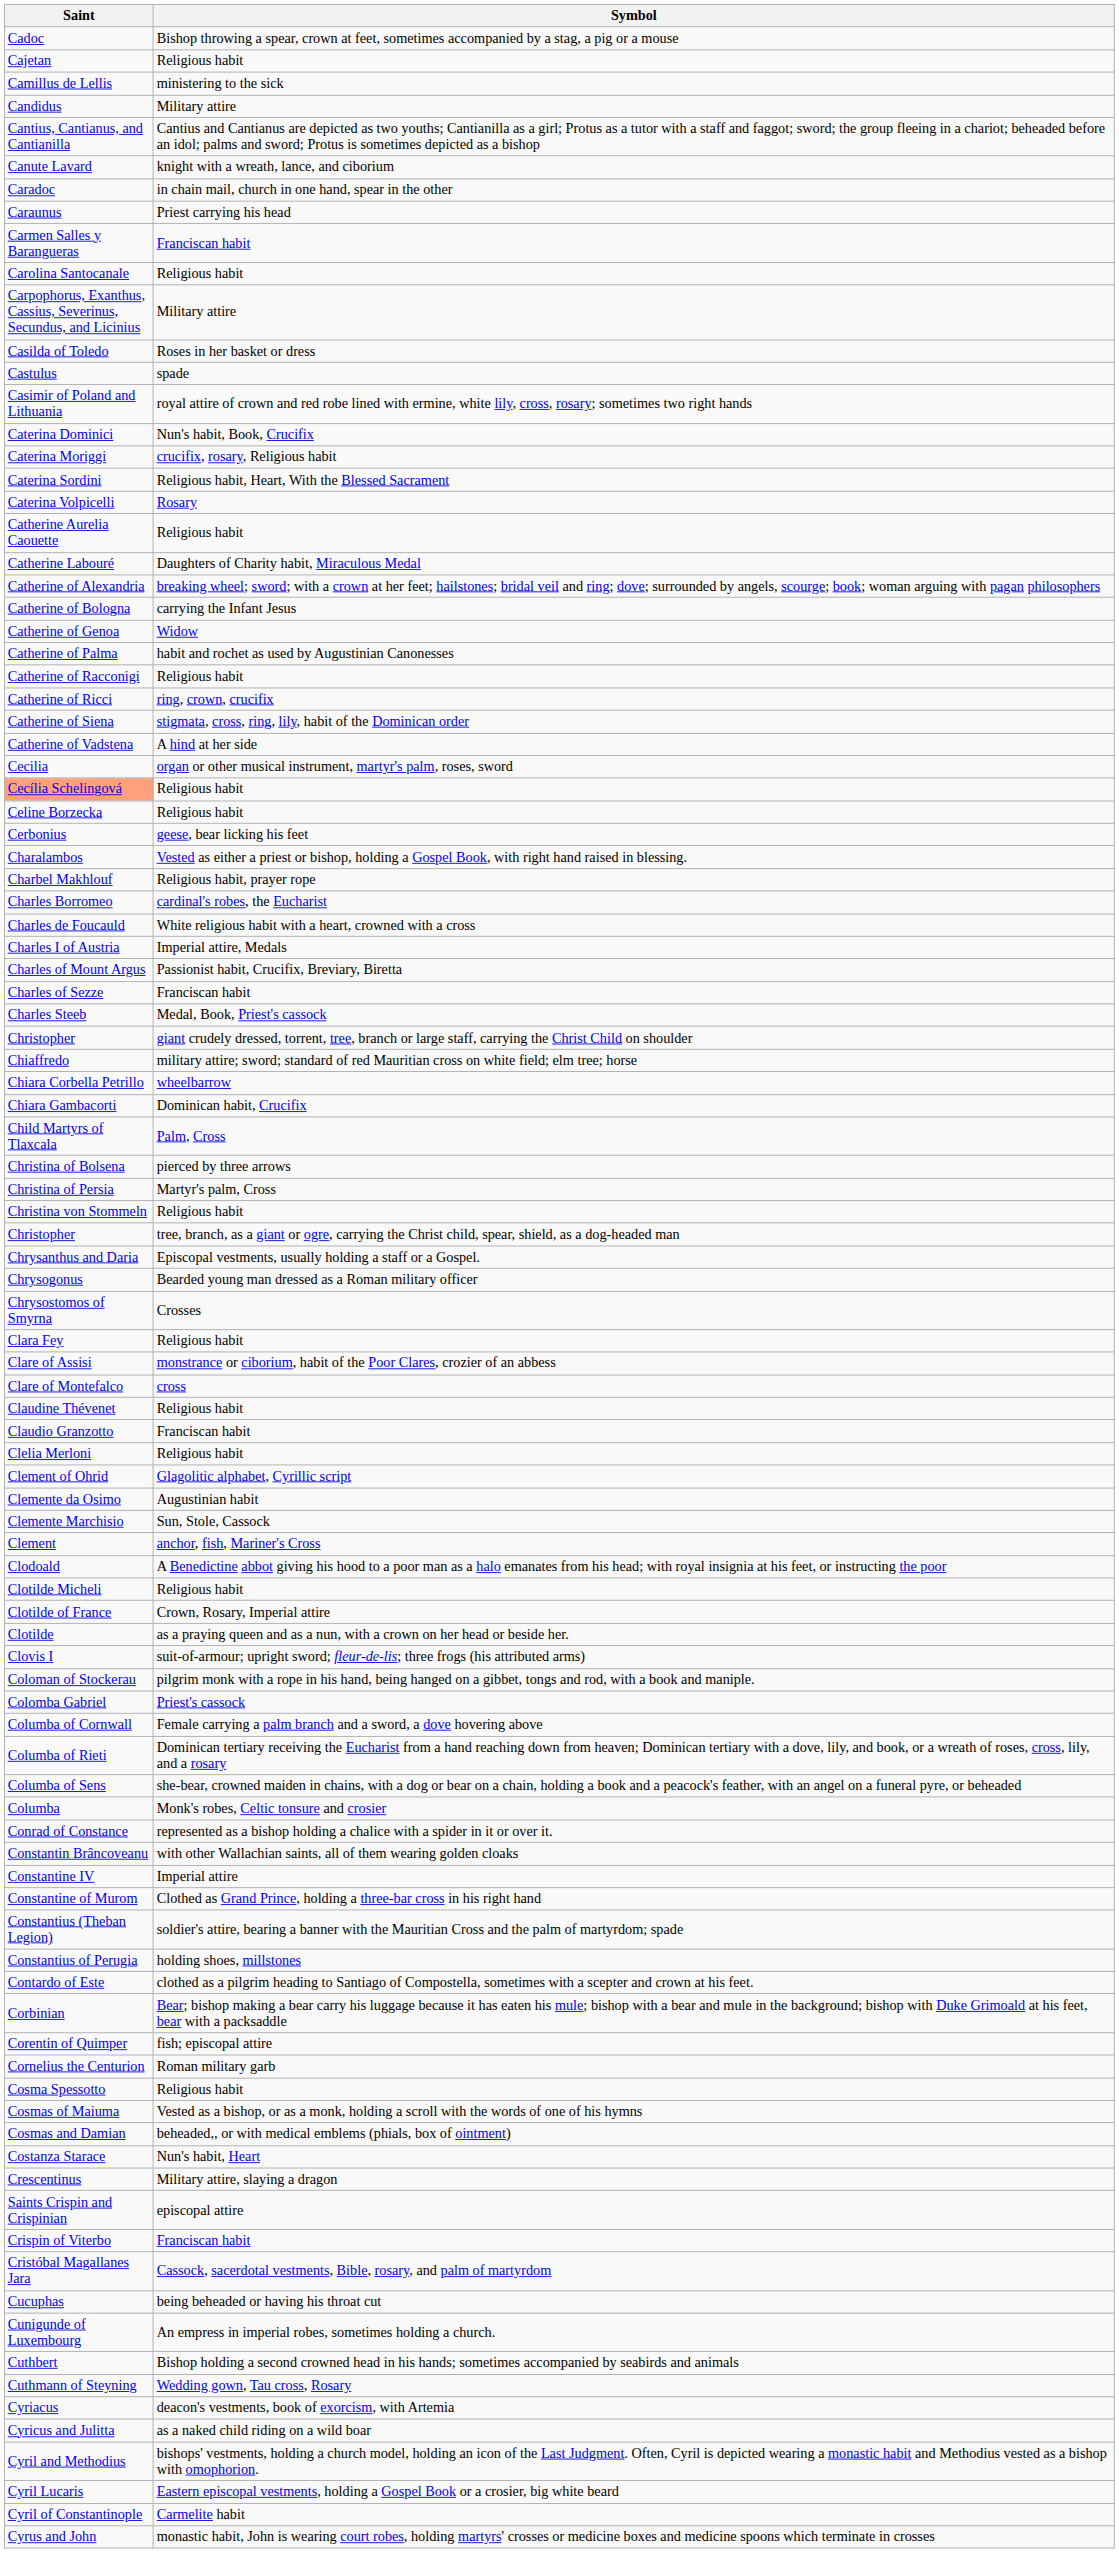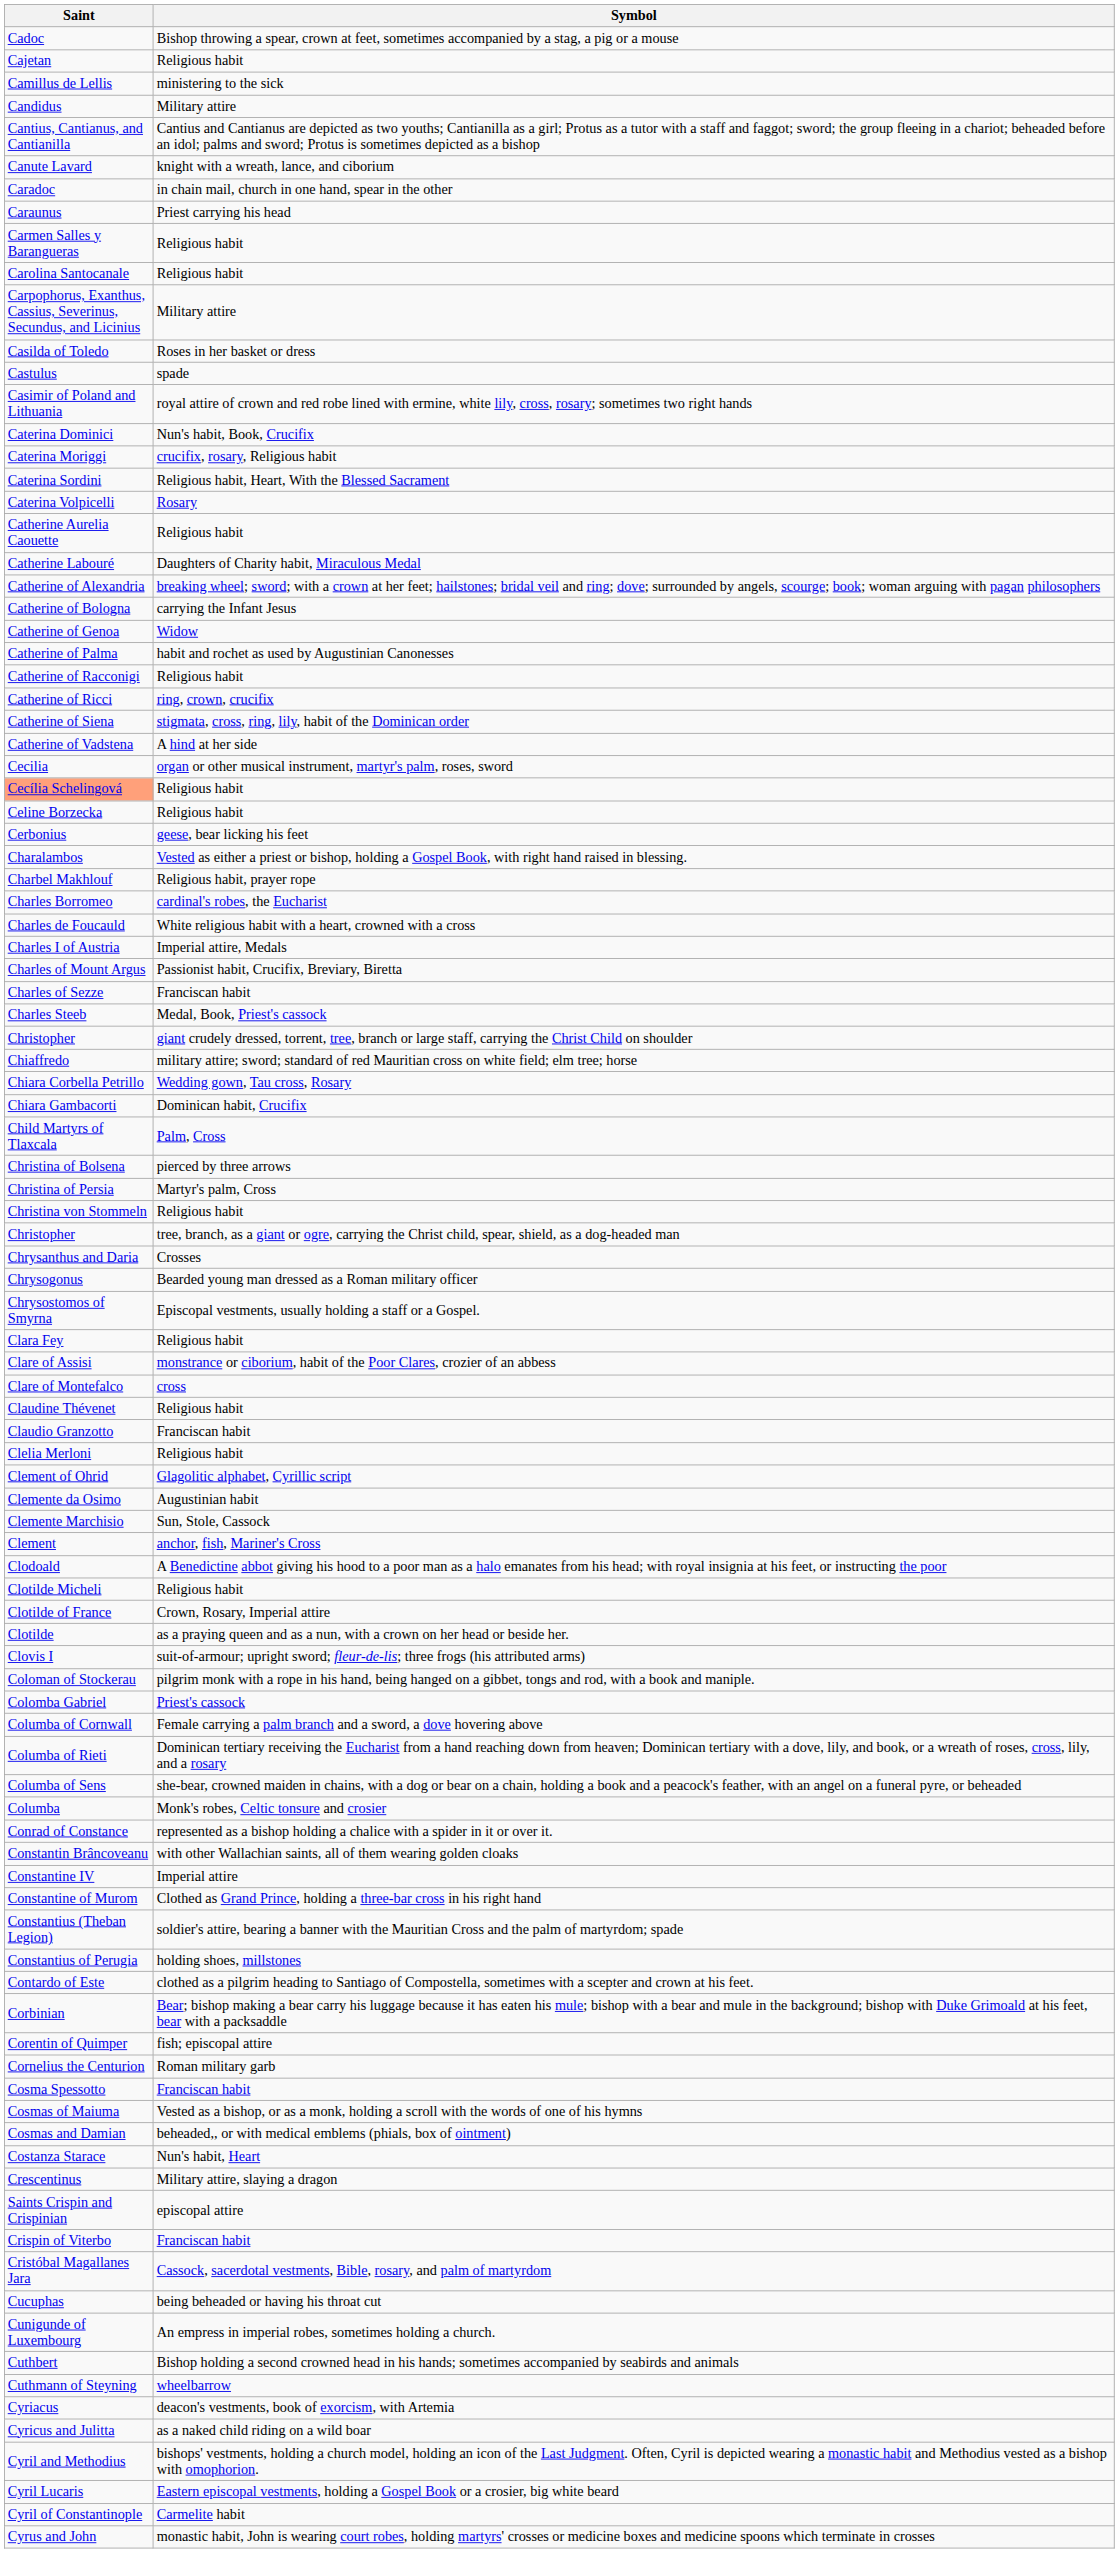 <table class="wikitable">
 <tr>
 <th scope="col" style="width: 10em;">Saint</th>
 <th scope="col">Symbol</th>
 </tr>
 <tr>
 <td><a href='#'>Cadoc</a></td>
 <td>Bishop throwing a spear, crown at feet, sometimes accompanied by a stag, a pig or a mouse</td>
 </tr>
 <tr>
 <td><a href='#'>Cajetan</a></td>
 <td>Religious habit</td>
 </tr>
 <tr>
 <td><a href='#'>Camillus de Lellis</a></td>
 <td>ministering to the sick</td>
 </tr>
 <tr>
 <td><a href='#'>Candidus</a></td>
 <td>Military attire</td>
 </tr>
 <tr>
 <td><a href='#'>Cantius, Cantianus, and Cantianilla</a></td>
 <td>Cantius and Cantianus are depicted as two youths; Cantianilla as a girl; Protus as a tutor with a staff and faggot; sword; the group fleeing in a chariot; beheaded before an idol; palms and sword; Protus is sometimes depicted as a bishop</td>
 </tr>
 <tr>
 <td><a href='#'>Canute Lavard</a></td>
 <td>knight with a wreath, lance, and ciborium</td>
 </tr>
 <tr>
 <td><a href='#'>Caradoc</a></td>
 <td>in chain mail, church in one hand, spear in the other</td>
 </tr>
 <tr>
 <td><a href='#'>Caraunus</a></td>
 <td>Priest carrying his head</td>
 </tr>
 <tr>
 <td><a href='#'>Carmen Salles y Barangueras</a></td>
-<td><a href='#'>Franciscan habit</a></td>
+<td>Religious habit</td>
 </tr>
 <tr>
 <td><a href='#'>Carolina Santocanale</a></td>
 <td>Religious habit</td>
 </tr>
 <tr>
 <td><a href='#'>Carpophorus, Exanthus, Cassius, Severinus, Secundus, and Licinius</a></td>
 <td>Military attire</td>
 </tr>
 <tr>
 <td><a href='#'>Casilda of Toledo</a></td>
 <td>Roses in her basket or dress</td>
 </tr>
 <tr>
 <td><a href='#'>Castulus</a></td>
 <td>spade</td>
 </tr>
 <tr>
 <td><a href='#'>Casimir of Poland and Lithuania</a></td>
 <td>royal attire of crown and red robe lined with ermine, white <a href='#'>lily</a>, <a href='#'>cross</a>, <a href='#'>rosary</a>; sometimes two right hands</td>
 </tr>
 <tr>
 <td><a href='#'>Caterina Dominici</a></td>
 <td>Nun's habit, Book, <a href='#'>Crucifix</a></td>
 </tr>
 <tr>
 <td><a href='#'>Caterina Moriggi</a></td>
 <td><a href='#'>crucifix</a>, <a href='#'>rosary</a>, Religious habit</td>
 </tr>
 <tr>
 <td><a href='#'>Caterina Sordini</a></td>
 <td>Religious habit, Heart, With the <a href='#'>Blessed Sacrament</a></td>
 </tr>
 <tr>
 <td><a href='#'>Caterina Volpicelli</a></td>
 <td><a href='#'>Rosary</a></td>
 </tr>
 <tr>
 <td><a href='#'>Catherine Aurelia Caouette</a></td>
 <td>Religious habit</td>
 </tr>
 <tr>
 <td><a href='#'>Catherine Labouré</a></td>
 <td>Daughters of Charity habit, <a href='#'>Miraculous Medal</a></td>
 </tr>
 <tr>
 <td><a href='#'>Catherine of Alexandria</a></td>
 <td><a href='#'>breaking wheel</a>; <a href='#'>sword</a>; with a <a href='#'>crown</a> at her feet; <a href='#'>hailstones</a>; <a href='#'>bridal veil</a> and <a href='#'>ring</a>; <a href='#'>dove</a>; surrounded by angels, <a href='#'>scourge</a>; <a href='#'>book</a>; woman arguing with <a href='#'>pagan</a> <a href='#'>philosophers</a></td>
 </tr>
 <tr>
 <td><a href='#'>Catherine of Bologna</a></td>
 <td>carrying the Infant Jesus</td>
 </tr>
 <tr>
 <td><a href='#'>Catherine of Genoa</a></td>
 <td><a href='#'>Widow</a></td>
 </tr>
 <tr>
 <td><a href='#'>Catherine of Palma</a></td>
 <td>habit and rochet as used by Augustinian Canonesses</td>
 </tr>
 <tr>
 <td><a href='#'>Catherine of Racconigi</a></td>
 <td>Religious habit</td>
 </tr>
 <tr>
 <td><a href='#'>Catherine of Ricci</a></td>
 <td><a href='#'>ring</a>, <a href='#'>crown</a>, <a href='#'>crucifix</a></td>
 </tr>
 <tr>
 <td><a href='#'>Catherine of Siena</a></td>
 <td><a href='#'>stigmata</a>, <a href='#'>cross</a>, <a href='#'>ring</a>, <a href='#'>lily</a>, habit of the <a href='#'>Dominican order</a></td>
 </tr>
 <tr>
 <td><a href='#'>Catherine of Vadstena</a></td>
 <td>A <a href='#'>hind</a> at her side</td>
 </tr>
 <tr>
 <td><a href='#'>Cecilia</a></td>
 <td><a href='#'>organ</a> or other musical instrument, <a href='#'>martyr's palm</a>, roses, sword</td>
 </tr>
 <tr>
 <td style="background: lightsalmon;"><a href='#'>Cecília Schelingová</a></td>
 <td>Religious habit</td>
 </tr>
 <tr>
 <td><a href='#'>Celine Borzecka</a></td>
 <td>Religious habit</td>
 </tr>
 <tr>
 <td><a href='#'>Cerbonius</a></td>
 <td><a href='#'>geese</a>, bear licking his feet</td>
 </tr>
 <tr>
 <td><a href='#'>Charalambos</a></td>
 <td><a href='#'>Vested</a> as either a priest or bishop, holding a <a href='#'>Gospel Book</a>, with right hand raised in blessing.</td>
 </tr>
 <tr>
 <td><a href='#'>Charbel Makhlouf</a></td>
 <td>Religious habit, prayer rope</td>
 </tr>
 <tr>
 <td><a href='#'>Charles Borromeo</a></td>
 <td><a href='#'>cardinal's robes</a>, the <a href='#'>Eucharist</a></td>
 </tr>
 <tr>
 <td><a href='#'>Charles de Foucauld</a></td>
 <td>White religious habit with a heart, crowned with a cross</td>
 </tr>
 <tr>
 <td><a href='#'>Charles I of Austria</a></td>
 <td>Imperial attire, Medals</td>
 </tr>
 <tr>
 <td><a href='#'>Charles of Mount Argus</a></td>
 <td>Passionist habit, Crucifix, Breviary, Biretta</td>
 </tr>
 <tr>
 <td><a href='#'>Charles of Sezze</a></td>
 <td>Franciscan habit</td>
 </tr>
 <tr>
 <td><a href='#'>Charles Steeb</a></td>
 <td>Medal, Book, <a href='#'>Priest's cassock</a></td>
 </tr>
 <tr>
 <td><a href='#'>Christopher</a></td>
 <td><a href='#'>giant</a> crudely dressed, torrent, <a href='#'>tree</a>, branch or large staff, carrying the <a href='#'>Christ Child</a> on shoulder</td>
 </tr>
 <tr>
 <td><a href='#'>Chiaffredo</a></td>
 <td>military attire; sword; standard of red Mauritian cross on white field; elm tree; horse</td>
 </tr>
 <tr>
 <td><a href='#'>Chiara Corbella Petrillo</a></td>
-<td><a href='#'>wheelbarrow</a></td>
+<td><a href='#'>Wedding gown</a>, <a href='#'>Tau cross</a>, <a href='#'>Rosary</a></td>
 </tr>
 <tr>
 <td><a href='#'>Chiara Gambacorti</a></td>
 <td>Dominican habit, <a href='#'>Crucifix</a></td>
 </tr>
 <tr>
 <td><a href='#'>Child Martyrs of Tlaxcala</a></td>
 <td><a href='#'>Palm</a>, <a href='#'>Cross</a></td>
 </tr>
 <tr>
 <td><a href='#'>Christina of Bolsena</a></td>
 <td>pierced by three arrows</td>
 </tr>
 <tr>
 <td><a href='#'>Christina of Persia</a></td>
 <td>Martyr's palm, Cross</td>
 </tr>
 <tr>
 <td><a href='#'>Christina von Stommeln</a></td>
 <td>Religious habit</td>
 </tr>
 <tr>
 <td><a href='#'>Christopher</a></td>
 <td>tree, branch, as a <a href='#'>giant</a> or <a href='#'>ogre</a>, carrying the Christ child, spear, shield, as a dog-headed man</td>
 </tr>
 <tr>
 <td><a href='#'>Chrysanthus and Daria</a></td>
-<td>Episcopal vestments, usually holding a staff or a Gospel.</td>
+<td>Crosses</td>
 </tr>
 <tr>
 <td><a href='#'>Chrysogonus</a></td>
 <td>Bearded young man dressed as a Roman military officer</td>
 </tr>
 <tr>
 <td><a href='#'>Chrysostomos of Smyrna</a></td>
-<td>Crosses</td>
+<td>Episcopal vestments, usually holding a staff or a Gospel.</td>
 </tr>
 <tr>
 <td><a href='#'>Clara Fey</a></td>
 <td>Religious habit</td>
 </tr>
 <tr>
 <td><a href='#'>Clare of Assisi</a></td>
 <td><a href='#'>monstrance</a> or <a href='#'>ciborium</a>, habit of the <a href='#'>Poor Clares</a>, crozier of an abbess</td>
 </tr>
 <tr>
 <td><a href='#'>Clare of Montefalco</a></td>
 <td><a href='#'>cross</a></td>
 </tr>
 <tr>
 <td><a href='#'>Claudine Thévenet</a></td>
 <td>Religious habit</td>
 </tr>
 <tr>
 <td><a href='#'>Claudio Granzotto</a></td>
 <td>Franciscan habit</td>
 </tr>
 <tr>
 <td><a href='#'>Clelia Merloni</a></td>
 <td>Religious habit</td>
 </tr>
 <tr>
 <td><a href='#'>Clement of Ohrid</a></td>
 <td><a href='#'>Glagolitic alphabet</a>, <a href='#'>Cyrillic script</a></td>
 </tr>
 <tr>
 <td><a href='#'>Clemente da Osimo</a></td>
 <td>Augustinian habit</td>
 </tr>
 <tr>
 <td><a href='#'>Clemente Marchisio</a></td>
 <td>Sun, Stole, Cassock</td>
 </tr>
 <tr>
 <td><a href='#'>Clement</a></td>
 <td><a href='#'>anchor</a>, <a href='#'>fish</a>, <a href='#'>Mariner's Cross</a></td>
 </tr>
 <tr>
 <td><a href='#'>Clodoald</a></td>
 <td>A <a href='#'>Benedictine</a> <a href='#'>abbot</a> giving his hood to a poor man as a <a href='#'>halo</a> emanates from his head; with royal insignia at his feet, or instructing <a href='#'>the poor</a></td>
 </tr>
 <tr>
 <td><a href='#'>Clotilde Micheli</a></td>
 <td>Religious habit</td>
 </tr>
 <tr>
 <td><a href='#'>Clotilde of France</a></td>
 <td>Crown, Rosary, Imperial attire</td>
 </tr>
 <tr>
 <td><a href='#'>Clotilde</a></td>
 <td>as a praying queen and as a nun, with a crown on her head or beside her.</td>
 </tr>
 <tr>
 <td><a href='#'>Clovis I</a></td>
 <td>suit-of-armour; upright sword; <em><a href='#'>fleur-de-lis</a></em>; three frogs (his attributed arms)</td>
 </tr>
 <tr>
 <td><a href='#'>Coloman of Stockerau</a></td>
 <td>pilgrim monk with a rope in his hand, being hanged on a gibbet, tongs and rod, with a book and maniple.</td>
 </tr>
 <tr>
 <td><a href='#'>Colomba Gabriel</a></td>
 <td><a href='#'>Priest's cassock</a></td>
 </tr>
 <tr>
 <td><a href='#'>Columba of Cornwall</a></td>
 <td>Female carrying a <a href='#'>palm branch</a> and a sword, a <a href='#'>dove</a> hovering above</td>
 </tr>
 <tr>
 <td><a href='#'>Columba of Rieti</a></td>
 <td>Dominican tertiary receiving the <a href='#'>Eucharist</a> from a hand reaching down from heaven; Dominican tertiary with a dove, lily, and book, or a wreath of roses, <a href='#'>cross</a>, lily, and a <a href='#'>rosary</a></td>
 </tr>
 <tr>
 <td><a href='#'>Columba of Sens</a></td>
 <td>she-bear, crowned maiden in chains, with a dog or bear on a chain, holding a book and a peacock's feather, with an angel on a funeral pyre, or beheaded</td>
 </tr>
 <tr>
 <td><a href='#'>Columba</a></td>
 <td>Monk's robes, <a href='#'>Celtic tonsure</a> and <a href='#'>crosier</a></td>
 </tr>
 <tr>
 <td><a href='#'>Conrad of Constance</a></td>
 <td>represented as a bishop holding a chalice with a spider in it or over it.</td>
 </tr>
 <tr>
 <td><a href='#'>Constantin Brâncoveanu</a></td>
 <td>with other Wallachian saints, all of them wearing golden cloaks</td>
 </tr>
 <tr>
 <td><a href='#'>Constantine IV</a></td>
 <td>Imperial attire</td>
 </tr>
 <tr>
 <td><a href='#'>Constantine of Murom</a></td>
 <td>Clothed as <a href='#'>Grand Prince</a>, holding a <a href='#'>three-bar cross</a> in his right hand</td>
 </tr>
 <tr>
 <td><a href='#'>Constantius (Theban Legion)</a></td>
 <td>soldier's attire, bearing a banner with the Mauritian Cross and the palm of martyrdom; spade</td>
 </tr>
 <tr>
 <td><a href='#'>Constantius of Perugia</a></td>
 <td>holding shoes, <a href='#'>millstones</a></td>
 </tr>
 <tr>
 <td><a href='#'>Contardo of Este</a></td>
 <td>clothed as a pilgrim heading to Santiago of Compostella, sometimes with a scepter and crown at his feet.</td>
 </tr>
 <tr>
 <td><a href='#'>Corbinian</a></td>
 <td><a href='#'>Bear</a>; bishop making a bear carry his luggage because it has eaten his <a href='#'>mule</a>; bishop with a bear and mule in the background; bishop with <a href='#'>Duke Grimoald</a> at his feet, <a href='#'>bear</a> with a packsaddle </td>
 </tr>
 <tr>
 <td><a href='#'>Corentin of Quimper</a></td>
 <td>fish; episcopal attire</td>
 </tr>
 <tr>
 <td><a href='#'>Cornelius the Centurion</a></td>
 <td>Roman military garb</td>
 </tr>
 <tr>
 <td><a href='#'>Cosma Spessotto</a></td>
-<td>Religious habit</td>
+<td><a href='#'>Franciscan habit</a></td>
 </tr>
 <tr>
 <td><a href='#'>Cosmas of Maiuma</a></td>
 <td>Vested as a bishop, or as a monk, holding a scroll with the words of one of his hymns</td>
 </tr>
 <tr>
 <td><a href='#'>Cosmas and Damian</a></td>
 <td>beheaded,, or with medical emblems (phials, box of <a href='#'>ointment</a>)</td>
 </tr>
 <tr>
 <td><a href='#'>Costanza Starace</a></td>
 <td>Nun's habit, <a href='#'>Heart</a></td>
 </tr>
 <tr>
 <td><a href='#'>Crescentinus</a></td>
 <td>Military attire, slaying a dragon</td>
 </tr>
 <tr>
 <td><a href='#'>Saints Crispin and Crispinian</a></td>
 <td>episcopal attire</td>
 </tr>
 <tr>
 <td><a href='#'>Crispin of Viterbo</a></td>
 <td><a href='#'>Franciscan habit</a></td>
 </tr>
 <tr>
 <td><a href='#'>Cristóbal Magallanes Jara</a></td>
 <td><a href='#'>Cassock</a>, <a href='#'>sacerdotal vestments</a>, <a href='#'>Bible</a>, <a href='#'>rosary</a>, and <a href='#'>palm of martyrdom</a></td>
 </tr>
 <tr>
 <td><a href='#'>Cucuphas</a></td>
 <td>being beheaded or having his throat cut</td>
 </tr>
 <tr>
 <td><a href='#'>Cunigunde of Luxembourg</a></td>
 <td>An empress in imperial robes, sometimes holding a church.</td>
 </tr>
 <tr>
 <td><a href='#'>Cuthbert</a></td>
 <td>Bishop holding a second crowned head in his hands; sometimes accompanied by seabirds and animals</td>
 </tr>
 <tr>
 <td><a href='#'>Cuthmann of Steyning</a></td>
-<td><a href='#'>Wedding gown</a>, <a href='#'>Tau cross</a>, <a href='#'>Rosary</a></td>
+<td><a href='#'>wheelbarrow</a></td>
 </tr>
 <tr>
 <td><a href='#'>Cyriacus</a></td>
 <td>deacon's vestments, book of <a href='#'>exorcism</a>, with Artemia</td>
 </tr>
 <tr>
 <td><a href='#'>Cyricus and Julitta</a></td>
 <td>as a naked child riding on a wild boar</td>
 </tr>
 <tr>
 <td><a href='#'>Cyril and Methodius</a></td>
 <td>bishops' vestments, holding a church model, holding an icon of the <a href='#'>Last Judgment</a>. Often, Cyril is depicted wearing a <a href='#'>monastic habit</a> and Methodius vested as a bishop with <a href='#'>omophorion</a>.</td>
 </tr>
 <tr>
 <td><a href='#'>Cyril Lucaris</a></td>
 <td><a href='#'>Eastern episcopal vestments</a>, holding a <a href='#'>Gospel Book</a> or a crosier, big white beard</td>
 </tr>
 <tr>
 <td><a href='#'>Cyril of Constantinople</a></td>
 <td><a href='#'>Carmelite</a> habit </td>
 </tr>
 <tr>
 <td><a href='#'>Cyrus and John</a></td>
 <td>monastic habit, John is wearing <a href='#'>court robes</a>, holding <a href='#'>martyrs</a>' crosses or medicine boxes and medicine spoons which terminate in crosses</td>
 </tr>
 </table>
